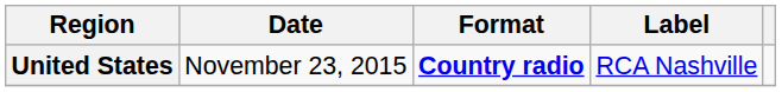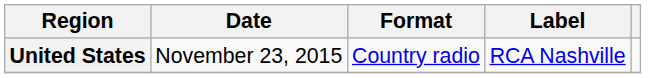 <table class="wikitable plainrowheaders">
 <tr>
 <th>Region</th>
 <th>Date</th>
 <th>Format</th>
 <th>Label</th>
 <th></th>
 </tr>
 <tr>
 <th scope="row">United States</th>
 <td>November 23, 2015</td>
-<td><strong><a href='#'>Country radio</a></strong></td>
+<td><a href='#'>Country radio</a></td>
 <td><a href='#'>RCA Nashville</a></td>
 <td></td>
 </tr>
 <tr>
 </tr>
 </table>
